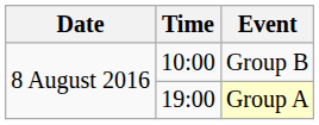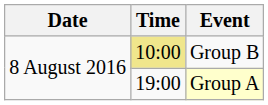 <table class = "wikitable" style="text-align:center;">
 <tr>
 <th>Date</th>
 <th>Time</th>
 <th>Event</th>
 </tr>
 <tr>
 <td rowspan=2>8 August 2016</td>
-<td>10:00</td>
+<td style="background: khaki;">10:00</td>
 <td>Group B</td>
 </tr>
 <tr>
 <td>19:00</td>
 <td bgcolor=ffffcc>Group A</td>
 </tr>
 </table>
